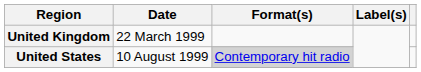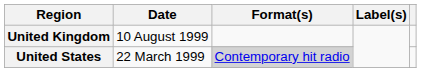 <table class="wikitable plainrowheaders">
 <tr>
 <th scope="col">Region</th>
 <th scope="col">Date</th>
 <th scope="col">Format(s)</th>
 <th scope="col">Label(s)</th>
 <th scope="col"></th>
 </tr>
 <tr>
 <th scope="row">United Kingdom</th>
-<td>22 March 1999</td>
+<td>10 August 1999</td>
 <td></td>
 <td rowspan="2"></td>
 <td></td>
 </tr>
 <tr>
 <th scope="row">United States</th>
-<td>10 August 1999</td>
+<td>22 March 1999</td>
 <td style="background: lightgrey;"><a href='#'>Contemporary hit radio</a></td>
 <td></td>
 </tr>
 </table>
